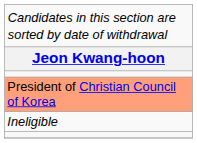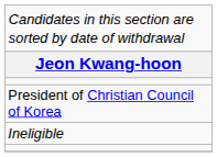 <table class="wikitable defaultcenter">
 <tr>
 <td style="font-size:120%; background:"><em><small>Candidates in this section are sorted by date of withdrawal</small></em></td>
 </tr>
 <tr>
 <th scope="col" style="width:11.8em; font-size:120%;"><a href='#'>Jeon Kwang-hoon</a></th>
 </tr>
 <tr>
 <td></td>
 </tr>
 <tr>
-<td style="background: lightsalmon;">President of <a href='#'>Christian Council of Korea</a></td>
+<td>President of <a href='#'>Christian Council of Korea</a></td>
 </tr>
 <tr>
 <td><em>Ineligible</em></td>
 </tr>
 <tr>
 <td></td>
 </tr>
 <tr>
 </tr>
 </table>
